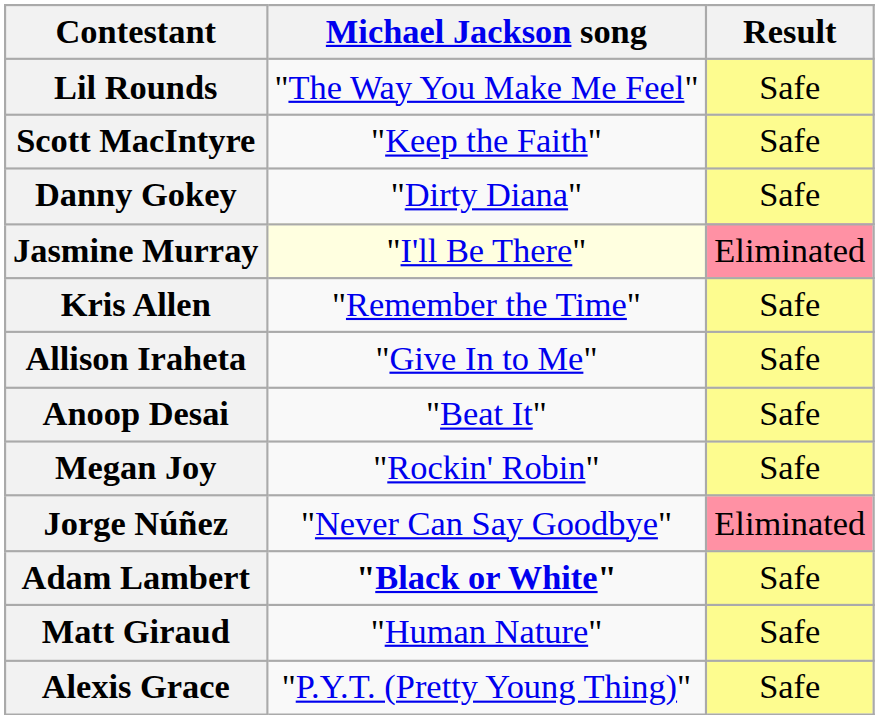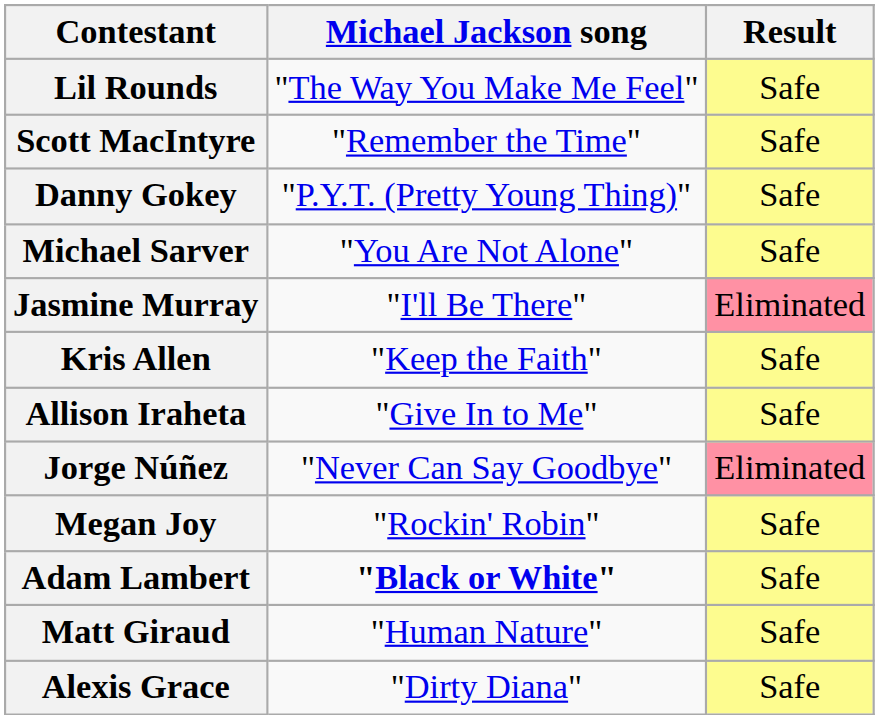 <table class="wikitable unsortable" style="text-align:center;">
 <tr>
 <th scope="col">Contestant</th>
 <th scope="col"><a href='#'>Michael Jackson</a> song</th>
 <th scope="col">Result</th>
 </tr>
 <tr>
 <th scope="row">Lil Rounds</th>
 <td>"<a href='#'>The Way You Make Me Feel</a>"</td>
 <td style="background:#FDFC8F">Safe</td>
 </tr>
 <tr>
 <th scope="row">Scott MacIntyre</th>
-<td>"<a href='#'>Keep the Faith</a>"</td>
+<td>"<a href='#'>Remember the Time</a>"</td>
 <td style="background:#FDFC8F">Safe</td>
 </tr>
 <tr>
 <th scope="row">Danny Gokey</th>
-<td>"<a href='#'>Dirty Diana</a>"</td>
+<td>"<a href='#'>P.Y.T. (Pretty Young Thing)</a>"</td>
+<td style="background:#FDFC8F">Safe</td>
+</tr>
+<tr>
+<th scope="row">Michael Sarver</th>
+<td>"<a href='#'>You Are Not Alone</a>"</td>
 <td style="background:#FDFC8F">Safe</td>
 </tr>
 <tr>
 <th scope="row">Jasmine Murray</th>
-<td style="background: lightyellow;">"<a href='#'>I'll Be There</a>"</td>
+<td>"<a href='#'>I'll Be There</a>"</td>
 <td bgcolor="FF91A4">Eliminated</td>
 </tr>
 <tr>
 <th scope="row">Kris Allen</th>
-<td>"<a href='#'>Remember the Time</a>"</td>
+<td>"<a href='#'>Keep the Faith</a>"</td>
 <td style="background:#FDFC8F">Safe</td>
 </tr>
 <tr>
 <th scope="row">Allison Iraheta</th>
 <td>"<a href='#'>Give In to Me</a>"</td>
 <td style="background:#FDFC8F">Safe</td>
 </tr>
 <tr>
-<th scope="row">Anoop Desai</th>
-<td>"<a href='#'>Beat It</a>"</td>
-<td style="background:#FDFC8F">Safe</td>
+<th scope="row">Jorge Núñez</th>
+<td>"<a href='#'>Never Can Say Goodbye</a>"</td>
+<td bgcolor="FF91A4">Eliminated</td>
 </tr>
 <tr>
 <th scope="row">Megan Joy</th>
 <td>"<a href='#'>Rockin' Robin</a>"</td>
 <td style="background:#FDFC8F">Safe</td>
-</tr>
-<tr>
-<th scope="row">Jorge Núñez</th>
-<td>"<a href='#'>Never Can Say Goodbye</a>"</td>
-<td bgcolor="FF91A4">Eliminated</td>
 </tr>
 <tr>
 <th scope="row">Adam Lambert</th>
 <td><strong>"<a href='#'>Black or White</a>"</strong></td>
 <td style="background:#FDFC8F">Safe</td>
 </tr>
 <tr>
 <th scope="row">Matt Giraud</th>
 <td>"<a href='#'>Human Nature</a>"</td>
 <td style="background:#FDFC8F">Safe</td>
 </tr>
 <tr>
 <th scope="row">Alexis Grace</th>
-<td>"<a href='#'>P.Y.T. (Pretty Young Thing)</a>"</td>
+<td>"<a href='#'>Dirty Diana</a>"</td>
 <td style="background:#FDFC8F">Safe</td>
 </tr>
 </table>
